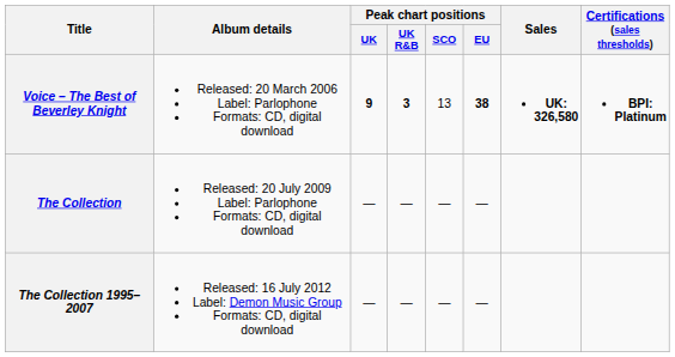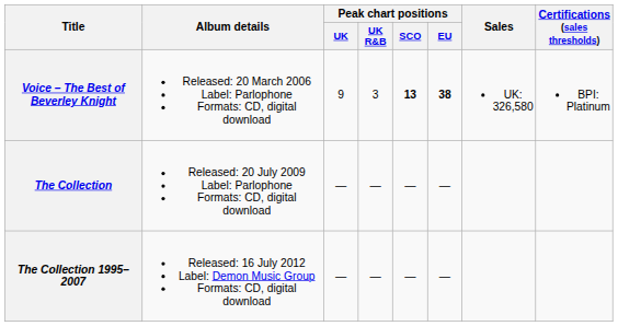 <table class="wikitable plainrowheaders" style=text-align:center;>
 <tr>
 <th scope="col" rowspan="2" style="width:12em;">Title</th>
 <th scope="col" rowspan="2" style="width:16em;">Album details</th>
 <th scope="col" colspan="4">Peak chart positions</th>
 <th scope="col" rowspan="2">Sales</th>
 <th rowspan="2"><a href='#'>Certifications</a><br><small>(<a href='#'>sales thresholds</a>)</small></th>
 </tr>
 <tr>
 <th style="width:3em;font-size:90%;"><a href='#'>UK</a><br></th>
 <th style="width:3em;font-size:90%"><a href='#'>UK R&B</a><br></th>
 <th style="width:3em;font-size:90%;"><a href='#'>SCO</a><br></th>
 <th style="width:3em;font-size:90%;"><a href='#'>EU</a></th>
 </tr>
 <tr>
 <th scope="row"><em><a href='#'>Voice – The Best of Beverley Knight</a></em></th>
 <td><br><ul><li>Released: 20 March 2006</li><li>Label: Parlophone</li><li>Formats: CD, digital download</li></ul></td>
-<td><strong>9</strong></td>
-<td><strong>3</strong></td>
-<td>13</td>
+<td>9</td>
+<td>3</td>
+<td><strong>13</strong></td>
 <td><strong>38</strong></td>
-<td><strong><br><ul><li>UK: 326,580</li></ul></strong></td>
-<td><strong><br><ul><li>BPI: Platinum</li></ul></strong></td>
+<td><br><ul><li>UK: 326,580</li></ul></td>
+<td><br><ul><li>BPI: Platinum</li></ul></td>
 </tr>
 <tr>
 <th scope="row"><em><a href='#'>The Collection</a></em></th>
 <td><br><ul><li>Released: 20 July 2009</li><li>Label: Parlophone</li><li>Formats: CD, digital download</li></ul></td>
 <td>—</td>
 <td>—</td>
 <td>—</td>
 <td>—</td>
 <td></td>
 <td></td>
 </tr>
 <tr>
 <th scope="row"><em>The Collection 1995–2007</em></th>
 <td><br><ul><li>Released: 16 July 2012</li><li>Label: <a href='#'>Demon Music Group</a></li><li>Formats: CD, digital download</li></ul></td>
 <td>—</td>
 <td>—</td>
 <td>—</td>
 <td>—</td>
 <td></td>
 <td></td>
 </tr>
 </table>
